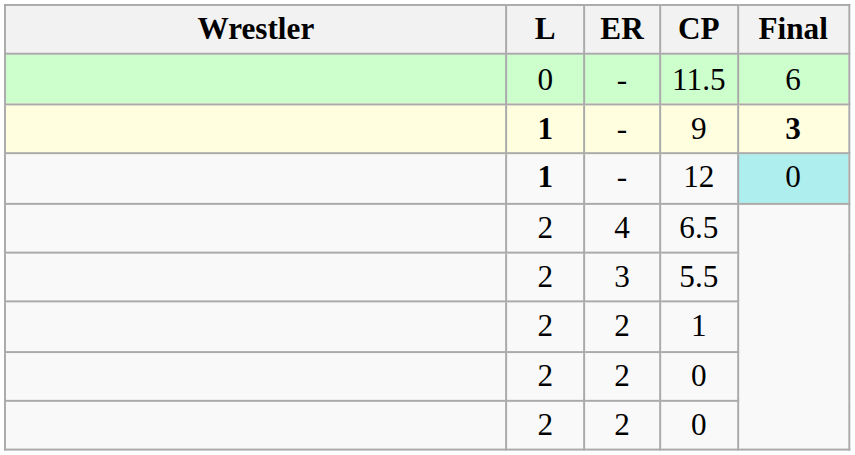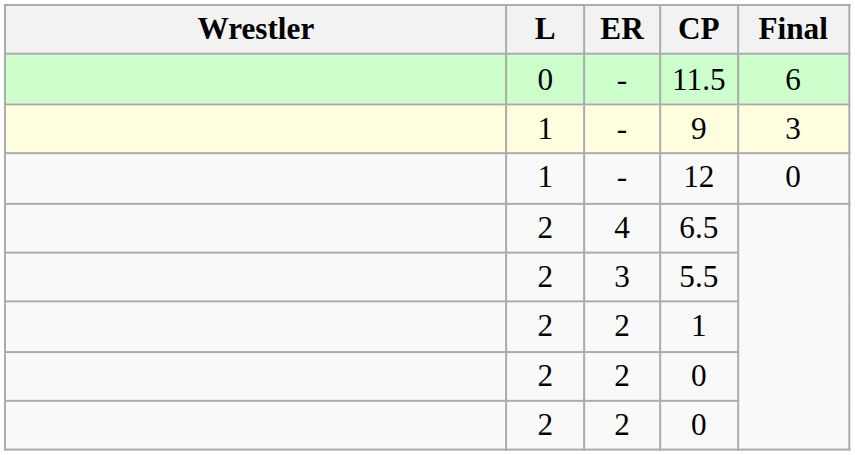 <table class="wikitable" style="text-align: center;" |>
 <tr>
 <th width="250">Wrestler</th>
 <th width="32">L</th>
 <th width="32">ER</th>
 <th width="32">CP</th>
 <th width="50">Final</th>
 </tr>
 <tr bgcolor="ccffcc">
 <td style="text-align:left;"></td>
 <td>0</td>
 <td>-</td>
 <td>11.5</td>
 <td>6</td>
 </tr>
 <tr bgcolor="lightyellow">
 <td style="text-align:left;"></td>
-<td><strong>1</strong></td>
+<td>1</td>
 <td>-</td>
 <td>9</td>
-<td><strong>3</strong></td>
+<td>3</td>
 </tr>
 <tr>
 <td style="text-align:left;"></td>
-<td><strong>1</strong></td>
+<td>1</td>
 <td>-</td>
 <td>12</td>
-<td style="background: paleturquoise;">0</td>
+<td>0</td>
 </tr>
 <tr>
 <td style="text-align:left;"></td>
 <td>2</td>
 <td>4</td>
 <td>6.5</td>
 </tr>
 <tr>
 <td style="text-align:left;"></td>
 <td>2</td>
 <td>3</td>
 <td>5.5</td>
 </tr>
 <tr>
 <td style="text-align:left;"></td>
 <td>2</td>
 <td>2</td>
 <td>1</td>
 </tr>
 <tr>
 <td style="text-align:left;"></td>
 <td>2</td>
 <td>2</td>
 <td>0</td>
 </tr>
 <tr>
 <td style="text-align:left;"></td>
 <td>2</td>
 <td>2</td>
 <td>0</td>
 </tr>
 </table>
